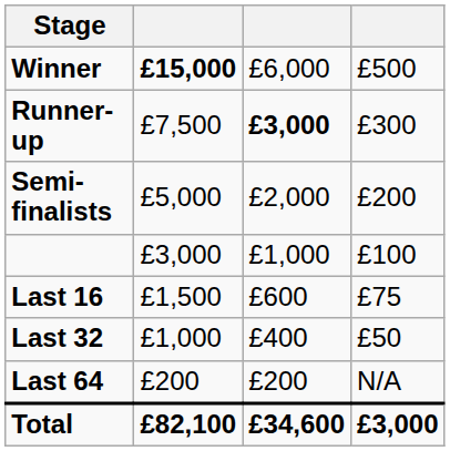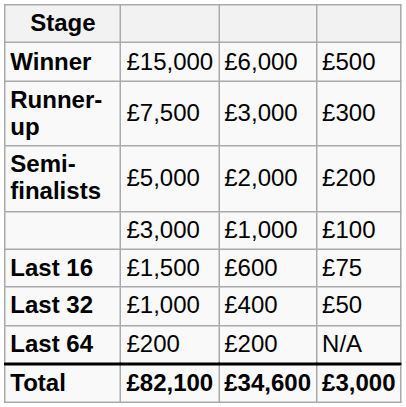 <table class="wikitable" style="width:30%; margin:0">
 <tr>
 <th>Stage</th>
 <th></th>
 <th></th>
 <th></th>
 </tr>
 <tr>
 <td><strong>Winner</strong></td>
-<td><strong>£15,000</strong></td>
+<td>£15,000</td>
 <td>£6,000</td>
 <td>£500</td>
 </tr>
 <tr>
 <td><strong>Runner-up</strong></td>
 <td>£7,500</td>
-<td><strong>£3,000</strong></td>
+<td>£3,000</td>
 <td>£300</td>
 </tr>
 <tr>
 <td><strong>Semi-finalists</strong></td>
 <td>£5,000</td>
 <td>£2,000</td>
 <td>£200</td>
 </tr>
 <tr>
 <td><strong></strong></td>
 <td>£3,000</td>
 <td>£1,000</td>
 <td>£100</td>
 </tr>
 <tr>
 <td><strong>Last 16</strong></td>
 <td>£1,500</td>
 <td>£600</td>
 <td>£75</td>
 </tr>
 <tr>
 <td><strong>Last 32</strong></td>
 <td>£1,000</td>
 <td>£400</td>
 <td>£50</td>
 </tr>
 <tr style="border-bottom:2px solid black;">
 <td><strong>Last 64</strong></td>
 <td>£200</td>
 <td>£200</td>
 <td>N/A</td>
 </tr>
 <tr>
 <td><strong>Total</strong></td>
 <td><strong>£82,100</strong></td>
 <td><strong>£34,600</strong></td>
 <td><strong>£3,000</strong></td>
 </tr>
 </table>
